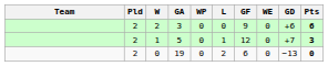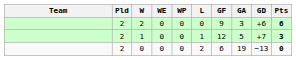 <table class="wikitable" style="text-align: center; font-size:90% ">
 <tr>
 <th width=160>Team</th>
 <th width=25>Pld</th>
 <th width=25>W</th>
-<th width=25>GA</th>
+<th width=25>WE</th>
 <th width=25>WP</th>
 <th width=25>L</th>
 <th width=25>GF</th>
-<th width=25>WE</th>
+<th width=25>GA</th>
 <th width=25>GD</th>
 <th width=25>Pts</th>
 </tr>
 <tr bgcolor=ccffcc>
 <td align=left></td>
 <td>2</td>
 <td>2</td>
-<td>3</td>
+<td>0</td>
 <td>0</td>
 <td>0</td>
 <td>9</td>
-<td>0</td>
+<td>3</td>
 <td>+6</td>
 <td><strong>6</strong></td>
 </tr>
 <tr bgcolor=ccffcc>
 <td align=left></td>
 <td>2</td>
 <td>1</td>
-<td>5</td>
+<td>0</td>
 <td>0</td>
 <td>1</td>
 <td>12</td>
-<td>0</td>
+<td>5</td>
 <td>+7</td>
 <td><strong>3</strong></td>
 </tr>
 <tr>
 <td align=left></td>
 <td>2</td>
 <td>0</td>
-<td>19</td>
+<td>0</td>
 <td>0</td>
 <td>2</td>
 <td>6</td>
-<td>0</td>
+<td>19</td>
 <td>−13</td>
 <td><strong>0</strong></td>
 </tr>
 </table>
